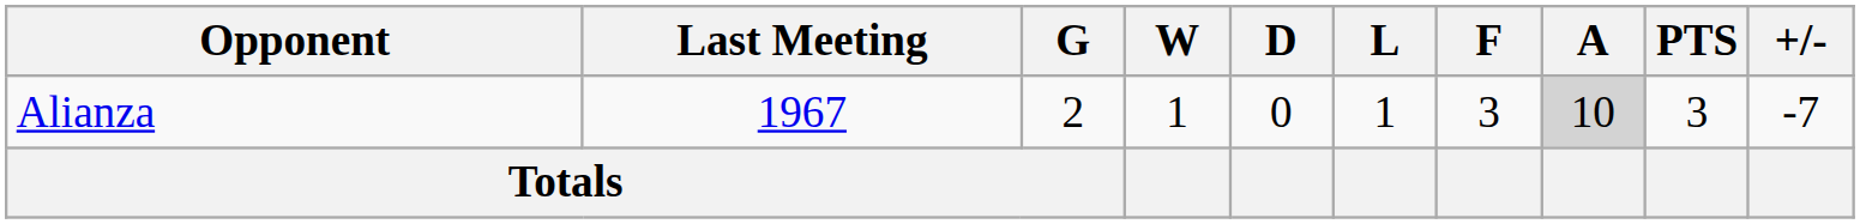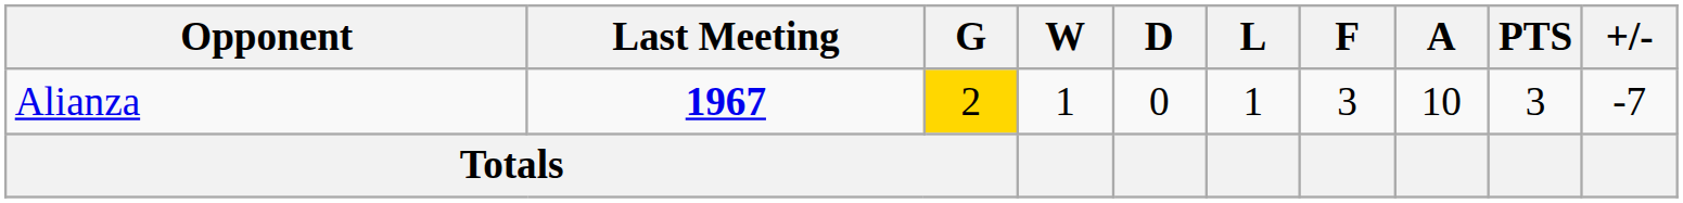 <table class="wikitable">
 <tr>
 <th width="200">Opponent</th>
 <th width="150">Last Meeting</th>
 <th width="30">G</th>
 <th width="30">W</th>
 <th width="30">D</th>
 <th width="30">L</th>
 <th width="30">F</th>
 <th width="30">A</th>
 <th width="30">PTS</th>
 <th width="30">+/-</th>
 </tr>
 <tr>
 <td> <a href='#'>Alianza</a></td>
-<td align="center"><a href='#'>1967</a></td>
-<td align="center">2</td>
+<td align="center"><strong><a href='#'>1967</a></strong></td>
+<td align="center" style="background: gold;">2</td>
 <td align="center">1</td>
 <td align="center">0</td>
 <td align="center">1</td>
 <td align="center">3</td>
-<td align="center" style="background: lightgrey;">10</td>
+<td align="center">10</td>
 <td align="center">3</td>
 <td align="center">-7</td>
 </tr>
 <tr>
 <th colspan="3">Totals</th>
 <th></th>
 <th></th>
 <th></th>
 <th></th>
 <th></th>
 <th></th>
 <th></th>
 </tr>
 </table>
